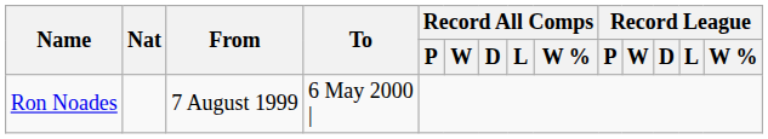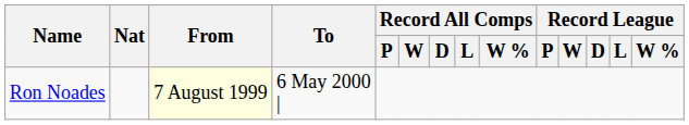 <table class="wikitable" style="text-align: center">
 <tr>
 <th rowspan="2">Name</th>
 <th rowspan="2">Nat</th>
 <th rowspan="2">From</th>
 <th rowspan="2">To</th>
 <th colspan="5">Record All Comps</th>
 <th colspan="5">Record League</th>
 </tr>
 <tr>
 <th>P</th>
 <th>W</th>
 <th>D</th>
 <th>L</th>
 <th>W %</th>
 <th>P</th>
 <th>W</th>
 <th>D</th>
 <th>L</th>
 <th>W %</th>
 </tr>
 <tr>
 <td align=left><a href='#'>Ron Noades</a></td>
 <td></td>
-<td align=left>7 August 1999</td>
+<td align=left style="background: lightyellow;">7 August 1999</td>
 <td align=left>6 May 2000<br>|</td>
 </tr>
 </table>
